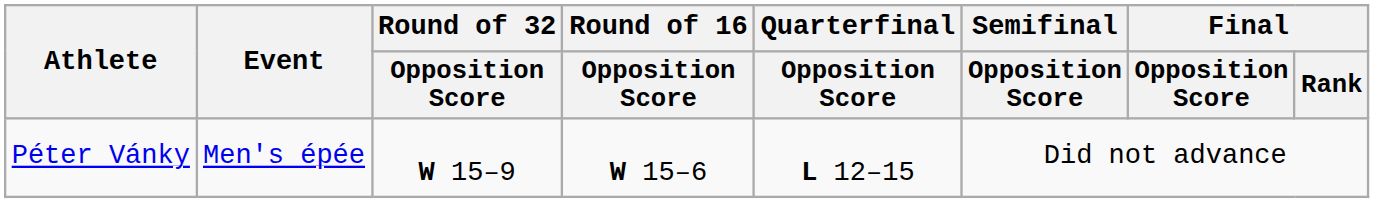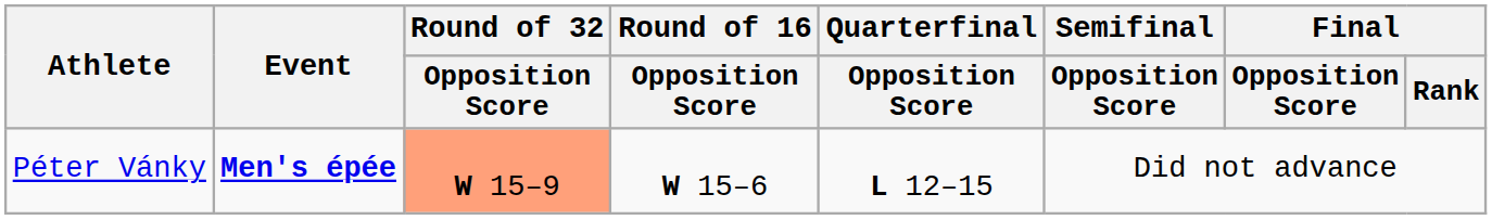 <table class="wikitable" style="text-align:left; font-size:90%">
 <tr>
 <th rowspan=2>Athlete</th>
 <th rowspan=2>Event</th>
 <th>Round of 32</th>
 <th>Round of 16</th>
 <th>Quarterfinal</th>
 <th>Semifinal</th>
 <th colspan=2>Final</th>
 </tr>
 <tr style="font-size:95%">
 <th>Opposition <br> Score</th>
 <th>Opposition <br> Score</th>
 <th>Opposition <br> Score</th>
 <th>Opposition <br> Score</th>
 <th>Opposition <br> Score</th>
 <th>Rank</th>
 </tr>
 <tr>
 <td><a href='#'>Péter Vánky</a></td>
-<td><a href='#'>Men's épée</a></td>
-<td align=center><br><strong>W</strong> 15–9</td>
+<td><strong><a href='#'>Men's épée</a></strong></td>
+<td align=center style="background: lightsalmon;"><br><strong>W</strong> 15–9</td>
 <td align=center><br><strong>W</strong> 15–6</td>
 <td align=center><br> <strong>L</strong> 12–15</td>
 <td colspan=3 align=center>Did not advance</td>
 </tr>
 </table>
